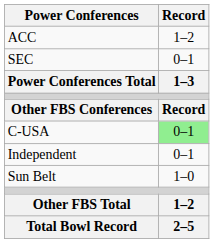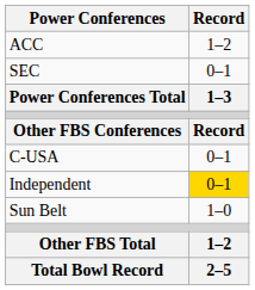 <table class="wikitable">
 <tr>
 <th>Power Conferences</th>
 <th>Record</th>
 </tr>
 <tr>
 <td>ACC</td>
 <td align=center>1–2</td>
 </tr>
 <tr>
 <td>SEC</td>
 <td align=center>0–1</td>
 </tr>
 <tr>
 <th>Power Conferences Total</th>
 <th>1–3</th>
 </tr>
 <tr>
 <th colspan="2" style="background:lightgrey;"></th>
 </tr>
 <tr>
 <th>Other FBS Conferences</th>
 <th>Record</th>
 </tr>
 <tr>
 <td>C-USA</td>
-<td align=center style="background: lightgreen;">0–1</td>
+<td align=center>0–1</td>
 </tr>
 <tr>
 <td>Independent</td>
-<td align=center>0–1</td>
+<td align=center style="background: gold;">0–1</td>
 </tr>
 <tr>
 <td>Sun Belt</td>
 <td align=center>1–0</td>
 </tr>
 <tr>
 <th colspan="2" style="background:lightgrey;"></th>
 </tr>
 <tr>
 <th>Other FBS Total</th>
 <th>1–2</th>
 </tr>
 <tr>
 <th>Total Bowl Record</th>
 <th>2–5</th>
 </tr>
 </table>
